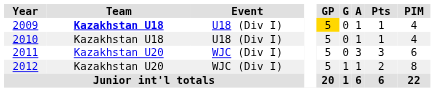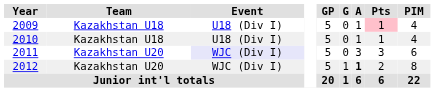 <table border="0" cellpadding="1" cellspacing="0" style="text-align:center; width:40em">
 <tr ALIGN="center" bgcolor="#e0e0e0">
 <th>Year</th>
 <th>Team</th>
 <th>Event</th>
 <th ALIGN="center" rowspan="99" bgcolor="#ffffff"> </th>
 <th>GP</th>
 <th>G</th>
 <th>A</th>
 <th>Pts</th>
 <th>PIM</th>
 </tr>
 <tr ALIGN="center">
 <td><a href='#'>2009</a></td>
-<td><strong><a href='#'>Kazakhstan U18</a></strong></td>
+<td><a href='#'>Kazakhstan U18</a></td>
 <td><a href='#'>U18</a> (Div I)</td>
-<td style="background: gold;">5</td>
+<td>5</td>
 <td>0</td>
 <td>1</td>
-<td>1</td>
+<td style="background: pink;">1</td>
 <td>4</td>
 </tr>
 <tr ALIGN="center" bgcolor="#f0f0f0">
 <td><a href='#'>2010</a></td>
 <td>Kazakhstan U18</td>
 <td>U18 (Div I)</td>
 <td>5</td>
 <td>0</td>
 <td>1</td>
 <td>1</td>
 <td>4</td>
 </tr>
 <tr ALIGN="center">
 <td><a href='#'>2011</a></td>
 <td><a href='#'>Kazakhstan U20</a></td>
-<td><a href='#'>WJC</a> (Div I)</td>
+<td style="background: lavender;"><a href='#'>WJC</a> (Div I)</td>
 <td>5</td>
 <td>0</td>
 <td>3</td>
 <td>3</td>
 <td>6</td>
 </tr>
 <tr ALIGN="center" bgcolor="#f0f0f0">
 <td><a href='#'>2012</a></td>
 <td>Kazakhstan U20</td>
 <td>WJC (Div I)</td>
 <td>5</td>
 <td>1</td>
-<td>1</td>
+<td><strong>1</strong></td>
 <td>2</td>
 <td>8</td>
 </tr>
 <tr style="text-align:center; background:#e0e0e0;">
 <th colspan=3>Junior int'l totals</th>
 <th>20</th>
 <th>1</th>
 <th>6</th>
 <th>6</th>
 <th>22</th>
 </tr>
 </table>
